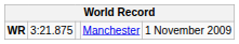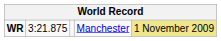 <table class="wikitable">
 <tr>
 <th colspan=5>World Record</th>
 </tr>
 <tr>
 <td><strong>WR</strong></td>
 <td>3:21.875</td>
 <td></td>
 <td><a href='#'>Manchester</a> </td>
-<td>1 November 2009</td>
+<td style="background: khaki;">1 November 2009</td>
 </tr>
 </table>
